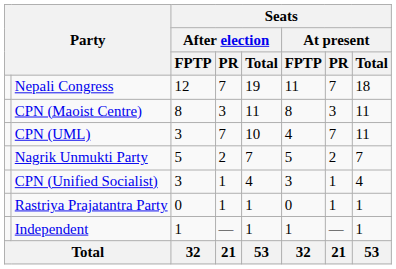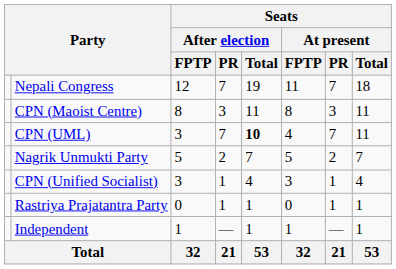 <table class="wikitable">
 <tr>
 <th colspan="2" rowspan="3">Party</th>
 <th colspan="6">Seats</th>
 </tr>
 <tr>
 <th colspan="3">After <a href='#'>election</a></th>
 <th colspan="3">At present</th>
 </tr>
 <tr>
 <th>FPTP</th>
 <th>PR</th>
 <th>Total</th>
 <th>FPTP</th>
 <th>PR</th>
 <th>Total</th>
 </tr>
 <tr>
 <td></td>
 <td><a href='#'>Nepali Congress</a></td>
 <td>12</td>
 <td>7</td>
 <td>19</td>
 <td>11</td>
 <td>7</td>
 <td>18</td>
 </tr>
 <tr>
 <td></td>
 <td><a href='#'>CPN (Maoist Centre)</a></td>
 <td>8</td>
 <td>3</td>
 <td>11</td>
 <td>8</td>
 <td>3</td>
 <td>11</td>
 </tr>
 <tr>
 <td></td>
 <td><a href='#'>CPN (UML)</a></td>
 <td>3</td>
 <td>7</td>
-<td>10</td>
+<td><strong>10</strong></td>
 <td>4</td>
 <td>7</td>
 <td>11</td>
 </tr>
 <tr>
 <td></td>
 <td><a href='#'>Nagrik Unmukti Party</a></td>
 <td>5</td>
 <td>2</td>
 <td>7</td>
 <td>5</td>
 <td>2</td>
 <td>7</td>
 </tr>
 <tr>
 <td></td>
 <td><a href='#'>CPN (Unified Socialist)</a></td>
 <td>3</td>
 <td>1</td>
 <td>4</td>
 <td>3</td>
 <td>1</td>
 <td>4</td>
 </tr>
 <tr>
 <td></td>
 <td><a href='#'>Rastriya Prajatantra Party</a></td>
 <td>0</td>
 <td>1</td>
 <td>1</td>
 <td>0</td>
 <td>1</td>
 <td>1</td>
 </tr>
 <tr>
 <td></td>
 <td><a href='#'>Independent</a></td>
 <td>1</td>
 <td>—</td>
 <td>1</td>
 <td>1</td>
 <td>—</td>
 <td>1</td>
 </tr>
 <tr>
 <th colspan="2">Total</th>
 <th>32</th>
 <th>21</th>
 <th>53</th>
 <th>32</th>
 <th>21</th>
 <th>53</th>
 </tr>
 </table>
